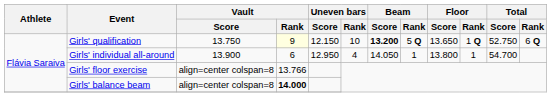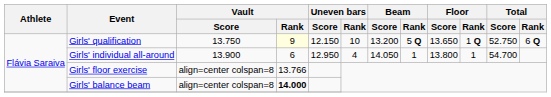 <table class="wikitable" border="1" style="font-size:90%">
 <tr>
 <th rowspan=2>Athlete</th>
 <th rowspan=2>Event</th>
 <th colspan=2>Vault</th>
 <th colspan=2>Uneven bars</th>
 <th colspan=2>Beam</th>
 <th colspan=2>Floor</th>
 <th colspan=2>Total</th>
 </tr>
 <tr>
 <th>Score</th>
 <th>Rank</th>
 <th>Score</th>
 <th>Rank</th>
 <th>Score</th>
 <th>Rank</th>
 <th>Score</th>
 <th>Rank</th>
 <th>Score</th>
 <th>Rank</th>
 </tr>
 <tr>
 <td rowspan=4><a href='#'>Flávia Saraiva</a></td>
 <td><a href='#'>Girls' qualification</a></td>
 <td align=center>13.750</td>
 <td align=center style="background: lightyellow;">9</td>
 <td align=center>12.150</td>
 <td align=center>10</td>
-<td align=center><strong>13.200</strong></td>
+<td align=center>13.200</td>
 <td align=center>5 <strong>Q</strong></td>
 <td align=center>13.650</td>
 <td align=center>1 <strong>Q</strong></td>
 <td align=center>52.750</td>
 <td align=center>6 <strong>Q</strong></td>
 </tr>
 <tr>
 <td><a href='#'>Girls' individual all-around</a></td>
 <td align=center>13.900</td>
 <td align=center>6</td>
 <td align=center>12.950</td>
 <td align=center>4</td>
 <td align=center>14.050</td>
 <td align=center>1</td>
 <td align=center>13.800</td>
 <td align=center>1</td>
 <td align=center>54.700</td>
 <td align=center></td>
 </tr>
 <tr>
 <td><a href='#'>Girls' floor exercise</a></td>
 <td>align=center colspan=8 </td>
 <td align=center>13.766</td>
 <td align=center></td>
 </tr>
 <tr>
 <td><a href='#'>Girls' balance beam</a></td>
 <td>align=center colspan=8 </td>
 <td align=center><strong>14.000</strong></td>
 <td align=center></td>
 </tr>
 <tr>
 </tr>
 </table>
